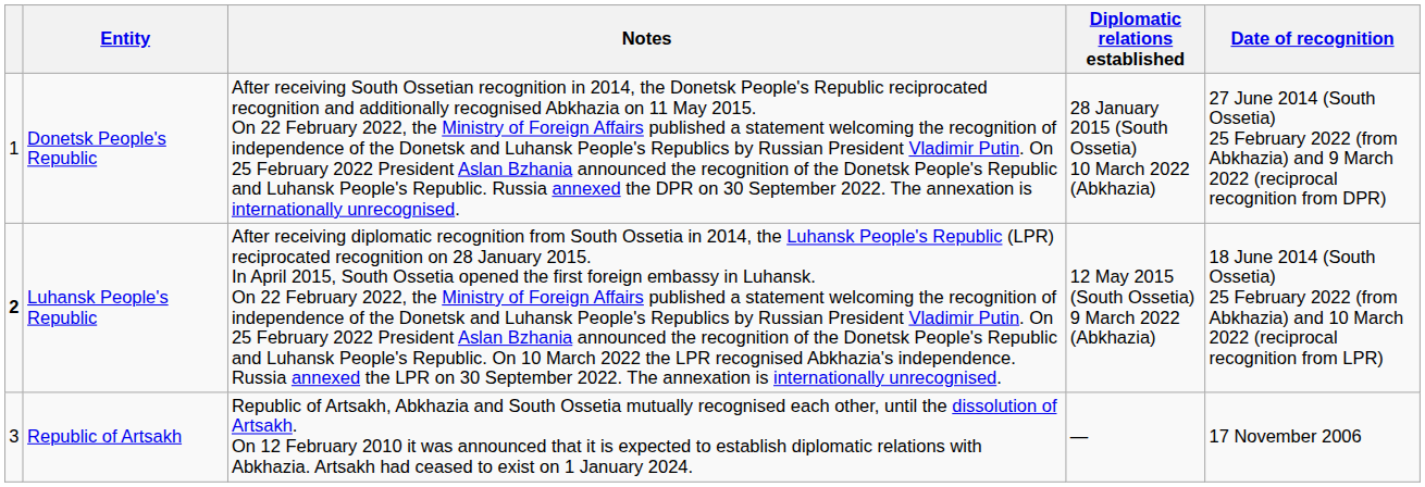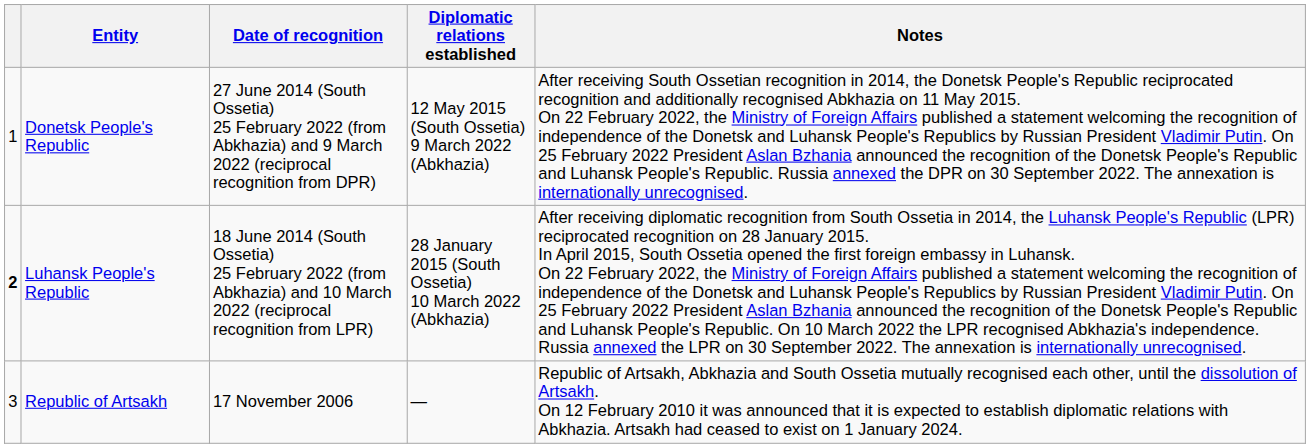 <table class="wikitable sortable" style="width:100%; margin:auto;">
 <tr>
 <th></th>
 <th style="width:175px;"><a href='#'>Entity</a></th>
+<th><a href='#'>Date of recognition</a></th>
+<th><a href='#'>Diplomatic relations</a> established</th>
 <th>Notes</th>
-<th><a href='#'>Diplomatic relations</a> established</th>
-<th><a href='#'>Date of recognition</a></th>
 </tr>
 <tr>
 <td>1</td>
 <td> <a href='#'>Donetsk People's Republic</a></td>
+<td>27 June 2014 (South Ossetia)<br>25 February 2022 (from Abkhazia) and 9 March 2022 (reciprocal recognition from DPR)</td>
+<td>12 May 2015 (South Ossetia)<br>9 March 2022 (Abkhazia)</td>
 <td>After receiving South Ossetian recognition in 2014, the Donetsk People's Republic reciprocated recognition and additionally recognised Abkhazia on 11 May 2015.<br>On 22 February 2022, the <a href='#'>Ministry of Foreign Affairs</a> published a statement welcoming the recognition of independence of the Donetsk and Luhansk People's Republics by Russian President <a href='#'>Vladimir Putin</a>. On 25 February 2022 President <a href='#'>Aslan Bzhania</a> announced the recognition of the Donetsk People's Republic and Luhansk People's Republic. Russia <a href='#'>annexed</a> the DPR on 30 September 2022. The annexation is <a href='#'>internationally unrecognised</a>.</td>
-<td>28 January 2015 (South Ossetia)<br>10 March 2022 (Abkhazia)</td>
-<td>27 June 2014 (South Ossetia)<br>25 February 2022 (from Abkhazia) and 9 March 2022 (reciprocal recognition from DPR)</td>
 </tr>
 <tr>
 <td><strong>2</strong></td>
 <td> <a href='#'>Luhansk People's Republic</a></td>
+<td>18 June 2014 (South Ossetia)<br>25 February 2022 (from Abkhazia) and 10 March 2022 (reciprocal recognition from LPR)</td>
+<td>28 January 2015 (South Ossetia)<br>10 March 2022 (Abkhazia)</td>
 <td>After receiving diplomatic recognition from South Ossetia in 2014, the <a href='#'>Luhansk People's Republic</a> (LPR) reciprocated recognition on 28 January 2015. <br>In April 2015, South Ossetia opened the first foreign embassy in Luhansk.<br>On 22 February 2022, the <a href='#'>Ministry of Foreign Affairs</a> published a statement welcoming the recognition of independence of the Donetsk and Luhansk People's Republics by Russian President <a href='#'>Vladimir Putin</a>. On 25 February 2022 President <a href='#'>Aslan Bzhania</a> announced the recognition of the Donetsk People's Republic and Luhansk People's Republic. On 10 March 2022 the LPR recognised Abkhazia's independence. Russia <a href='#'>annexed</a> the LPR on 30 September 2022. The annexation is <a href='#'>internationally unrecognised</a>.</td>
-<td>12 May 2015 (South Ossetia)<br>9 March 2022 (Abkhazia)</td>
-<td>18 June 2014 (South Ossetia)<br>25 February 2022 (from Abkhazia) and 10 March 2022 (reciprocal recognition from LPR)</td>
 </tr>
 <tr>
 <td>3</td>
 <td> <a href='#'>Republic of Artsakh</a></td>
+<td>17 November 2006</td>
+<td>—</td>
 <td>Republic of Artsakh, Abkhazia and South Ossetia mutually recognised each other, until the <a href='#'>dissolution of Artsakh</a>.<br>On 12 February 2010 it was announced that it is expected to establish diplomatic relations with Abkhazia. Artsakh had ceased to exist on 1 January 2024.</td>
-<td>—</td>
-<td>17 November 2006</td>
 </tr>
 </table>
